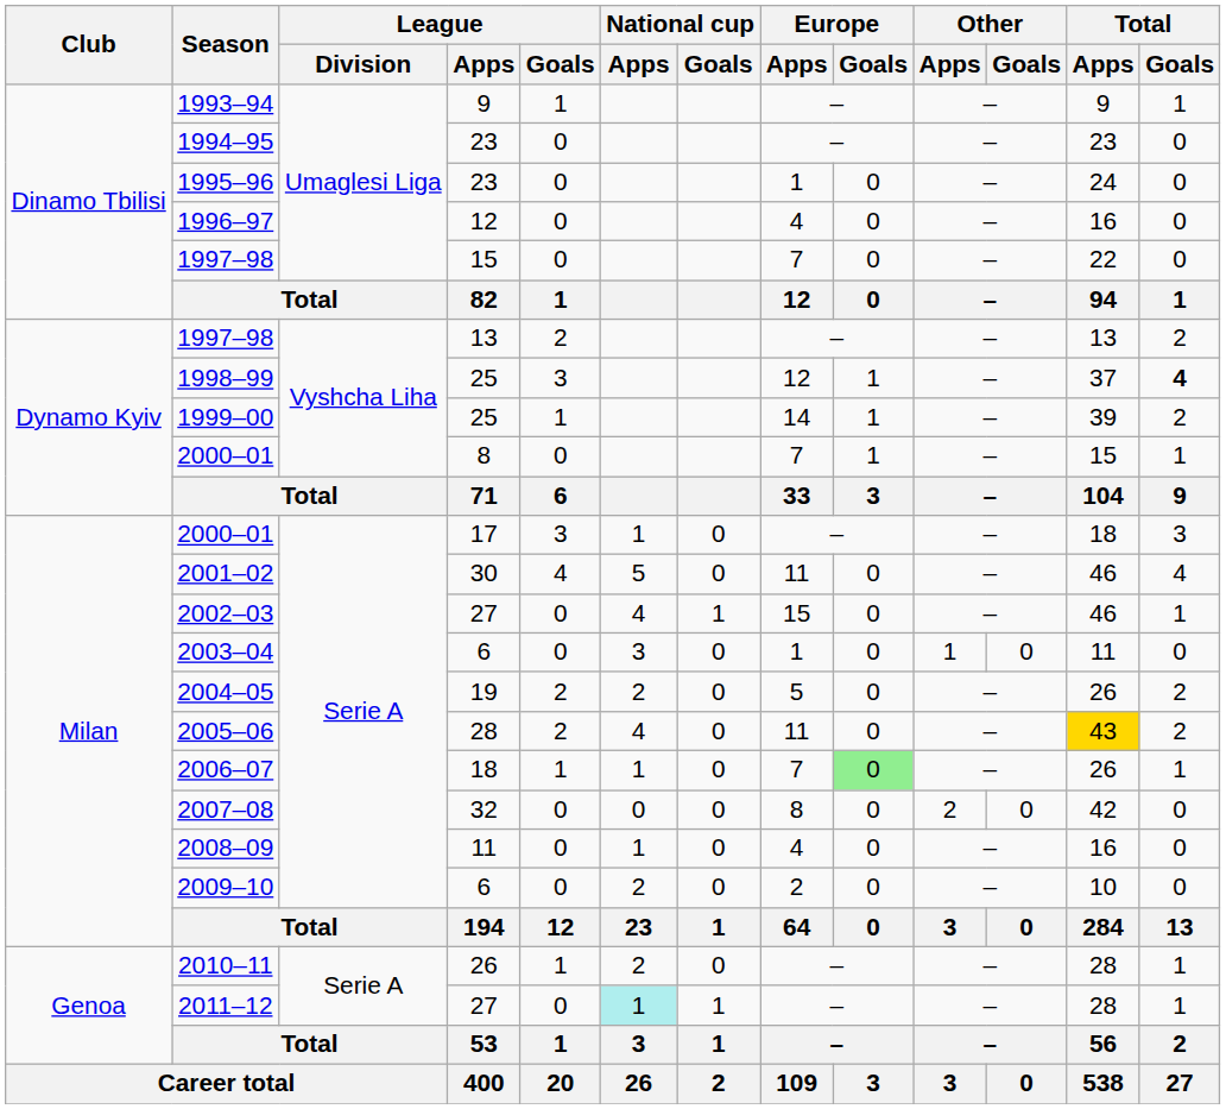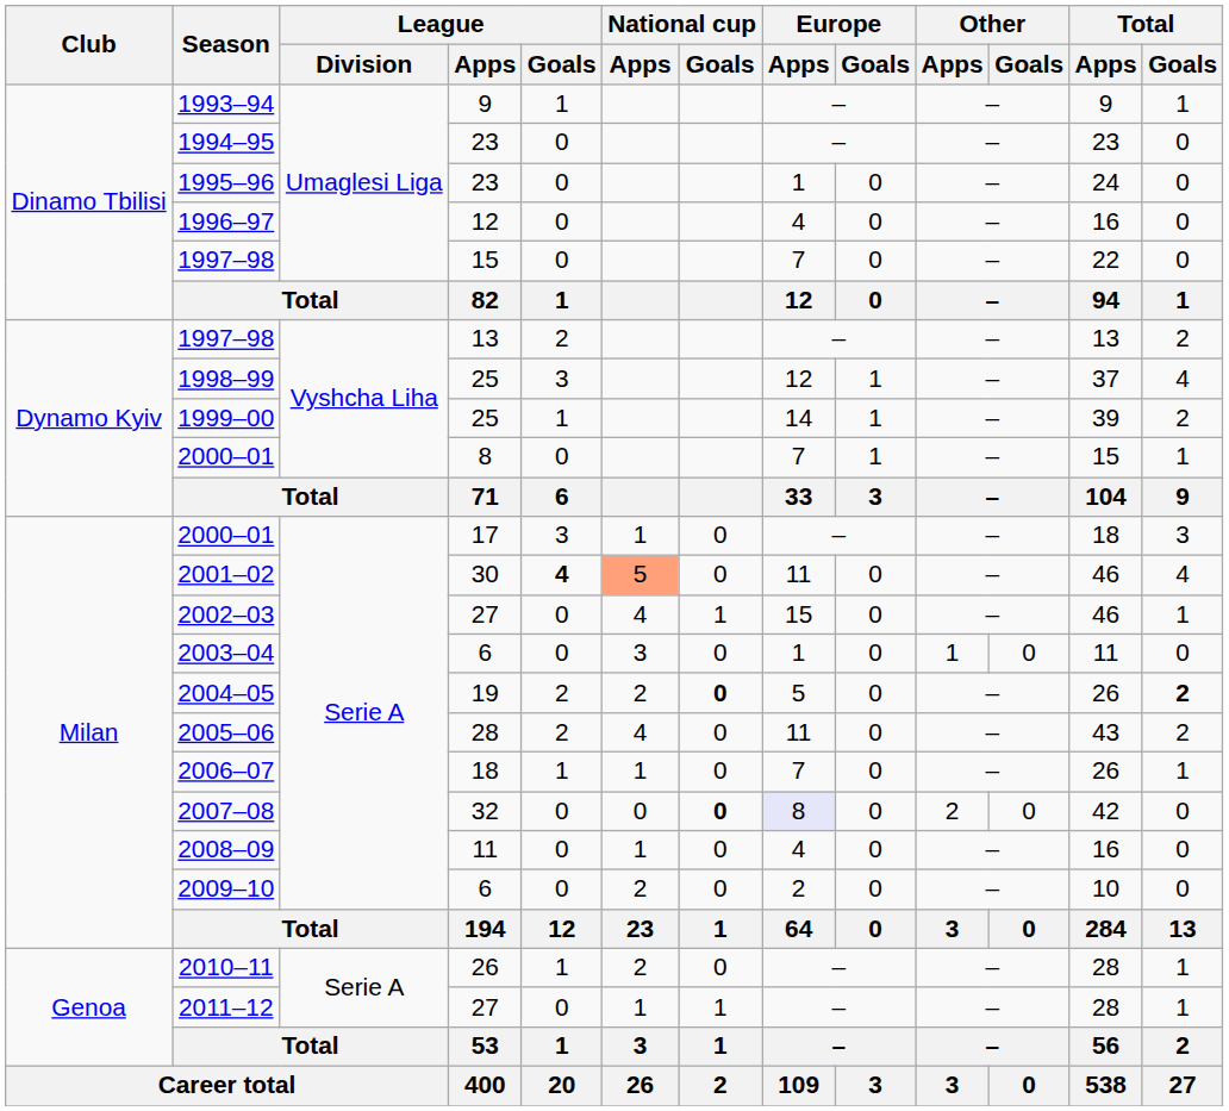 <table class="wikitable" style="text-align: center">
 <tr>
 <th rowspan="2">Club</th>
 <th rowspan="2">Season</th>
 <th colspan="3">League</th>
 <th colspan="2">National cup</th>
 <th colspan="2">Europe</th>
 <th colspan="2">Other</th>
 <th colspan="2">Total</th>
 </tr>
 <tr>
 <th>Division</th>
 <th>Apps</th>
 <th>Goals</th>
 <th>Apps</th>
 <th>Goals</th>
 <th>Apps</th>
 <th>Goals</th>
 <th>Apps</th>
 <th>Goals</th>
 <th>Apps</th>
 <th>Goals</th>
 </tr>
 <tr>
 <td rowspan="6"><a href='#'>Dinamo Tbilisi</a></td>
 <td><a href='#'>1993–94</a></td>
 <td rowspan="5"><a href='#'>Umaglesi Liga</a></td>
 <td>9</td>
 <td>1</td>
 <td></td>
 <td></td>
 <td colspan="2">–</td>
 <td colspan="2">–</td>
 <td>9</td>
 <td>1</td>
 </tr>
 <tr>
 <td><a href='#'>1994–95</a></td>
 <td>23</td>
 <td>0</td>
 <td></td>
 <td></td>
 <td colspan="2">–</td>
 <td colspan="2">–</td>
 <td>23</td>
 <td>0</td>
 </tr>
 <tr>
 <td><a href='#'>1995–96</a></td>
 <td>23</td>
 <td>0</td>
 <td></td>
 <td></td>
 <td>1</td>
 <td>0</td>
 <td colspan="2">–</td>
 <td>24</td>
 <td>0</td>
 </tr>
 <tr>
 <td><a href='#'>1996–97</a></td>
 <td>12</td>
 <td>0</td>
 <td></td>
 <td></td>
 <td>4</td>
 <td>0</td>
 <td colspan="2">–</td>
 <td>16</td>
 <td>0</td>
 </tr>
 <tr>
 <td><a href='#'>1997–98</a></td>
 <td>15</td>
 <td>0</td>
 <td></td>
 <td></td>
 <td>7</td>
 <td>0</td>
 <td colspan="2">–</td>
 <td>22</td>
 <td>0</td>
 </tr>
 <tr>
 <th colspan="2">Total</th>
 <th>82</th>
 <th>1</th>
 <th></th>
 <th></th>
 <th>12</th>
 <th>0</th>
 <th colspan="2">–</th>
 <th>94</th>
 <th>1</th>
 </tr>
 <tr>
 <td rowspan="5"><a href='#'>Dynamo Kyiv</a></td>
 <td><a href='#'>1997–98</a></td>
 <td rowspan="4"><a href='#'>Vyshcha Liha</a></td>
 <td>13</td>
 <td>2</td>
 <td></td>
 <td></td>
 <td colspan="2">–</td>
 <td colspan="2">–</td>
 <td>13</td>
 <td>2</td>
 </tr>
 <tr>
 <td><a href='#'>1998–99</a></td>
 <td>25</td>
 <td>3</td>
 <td></td>
 <td></td>
 <td>12</td>
 <td>1</td>
 <td colspan="2">–</td>
 <td>37</td>
-<td><strong>4</strong></td>
+<td>4</td>
 </tr>
 <tr>
 <td><a href='#'>1999–00</a></td>
 <td>25</td>
 <td>1</td>
 <td></td>
 <td></td>
 <td>14</td>
 <td>1</td>
 <td colspan="2">–</td>
 <td>39</td>
 <td>2</td>
 </tr>
 <tr>
 <td><a href='#'>2000–01</a></td>
 <td>8</td>
 <td>0</td>
 <td></td>
 <td></td>
 <td>7</td>
 <td>1</td>
 <td colspan="2">–</td>
 <td>15</td>
 <td>1</td>
 </tr>
 <tr>
 <th colspan="2">Total</th>
 <th>71</th>
 <th>6</th>
 <th></th>
 <th></th>
 <th>33</th>
 <th>3</th>
 <th colspan="2">–</th>
 <th>104</th>
 <th>9</th>
 </tr>
 <tr>
 <td rowspan="11"><a href='#'>Milan</a></td>
 <td><a href='#'>2000–01</a></td>
 <td rowspan="10"><a href='#'>Serie A</a></td>
 <td>17</td>
 <td>3</td>
 <td>1</td>
 <td>0</td>
 <td colspan="2">–</td>
 <td colspan="2">–</td>
 <td>18</td>
 <td>3</td>
 </tr>
 <tr>
 <td><a href='#'>2001–02</a></td>
 <td>30</td>
-<td>4</td>
-<td>5</td>
+<td><strong>4</strong></td>
+<td style="background: lightsalmon;">5</td>
 <td>0</td>
 <td>11</td>
 <td>0</td>
 <td colspan="2">–</td>
 <td>46</td>
 <td>4</td>
 </tr>
 <tr>
 <td><a href='#'>2002–03</a></td>
 <td>27</td>
 <td>0</td>
 <td>4</td>
 <td>1</td>
 <td>15</td>
 <td>0</td>
 <td colspan="2">–</td>
 <td>46</td>
 <td>1</td>
 </tr>
 <tr>
 <td><a href='#'>2003–04</a></td>
 <td>6</td>
 <td>0</td>
 <td>3</td>
 <td>0</td>
 <td>1</td>
 <td>0</td>
 <td>1</td>
 <td>0</td>
 <td>11</td>
 <td>0</td>
 </tr>
 <tr>
 <td><a href='#'>2004–05</a></td>
 <td>19</td>
 <td>2</td>
 <td>2</td>
-<td>0</td>
+<td><strong>0</strong></td>
 <td>5</td>
 <td>0</td>
 <td colspan="2">–</td>
 <td>26</td>
-<td>2</td>
+<td><strong>2</strong></td>
 </tr>
 <tr>
 <td><a href='#'>2005–06</a></td>
 <td>28</td>
 <td>2</td>
 <td>4</td>
 <td>0</td>
 <td>11</td>
 <td>0</td>
 <td colspan="2">–</td>
-<td style="background: gold;">43</td>
+<td>43</td>
 <td>2</td>
 </tr>
 <tr>
 <td><a href='#'>2006–07</a></td>
 <td>18</td>
 <td>1</td>
 <td>1</td>
 <td>0</td>
 <td>7</td>
-<td style="background: lightgreen;">0</td>
+<td>0</td>
 <td colspan="2">–</td>
 <td>26</td>
 <td>1</td>
 </tr>
 <tr>
 <td><a href='#'>2007–08</a></td>
 <td>32</td>
 <td>0</td>
 <td>0</td>
-<td>0</td>
-<td>8</td>
+<td><strong>0</strong></td>
+<td style="background: lavender;">8</td>
 <td>0</td>
 <td>2</td>
 <td>0</td>
 <td>42</td>
 <td>0</td>
 </tr>
 <tr>
 <td><a href='#'>2008–09</a></td>
 <td>11</td>
 <td>0</td>
 <td>1</td>
 <td>0</td>
 <td>4</td>
 <td>0</td>
 <td colspan="2">–</td>
 <td>16</td>
 <td>0</td>
 </tr>
 <tr>
 <td><a href='#'>2009–10</a></td>
 <td>6</td>
 <td>0</td>
 <td>2</td>
 <td>0</td>
 <td>2</td>
 <td>0</td>
 <td colspan="2">–</td>
 <td>10</td>
 <td>0</td>
 </tr>
 <tr>
 <th colspan="2">Total</th>
 <th>194</th>
 <th>12</th>
 <th>23</th>
 <th>1</th>
 <th>64</th>
 <th>0</th>
 <th>3</th>
 <th>0</th>
 <th>284</th>
 <th>13</th>
 </tr>
 <tr>
 <td rowspan="3"><a href='#'>Genoa</a></td>
 <td><a href='#'>2010–11</a></td>
 <td rowspan="2">Serie A</td>
 <td>26</td>
 <td>1</td>
 <td>2</td>
 <td>0</td>
 <td colspan="2">–</td>
 <td colspan="2">–</td>
 <td>28</td>
 <td>1</td>
 </tr>
 <tr>
 <td><a href='#'>2011–12</a></td>
 <td>27</td>
 <td>0</td>
-<td style="background: paleturquoise;">1</td>
+<td>1</td>
 <td>1</td>
 <td colspan="2">–</td>
 <td colspan="2">–</td>
 <td>28</td>
 <td>1</td>
 </tr>
 <tr>
 <th colspan="2">Total</th>
 <th>53</th>
 <th>1</th>
 <th>3</th>
 <th>1</th>
 <th colspan="2">–</th>
 <th colspan="2">–</th>
 <th>56</th>
 <th>2</th>
 </tr>
 <tr>
 <th colspan="3">Career total</th>
 <th>400</th>
 <th>20</th>
 <th>26</th>
 <th>2</th>
 <th>109</th>
 <th>3</th>
 <th>3</th>
 <th>0</th>
 <th>538</th>
 <th>27</th>
 </tr>
 </table>
